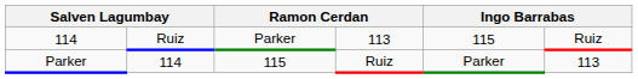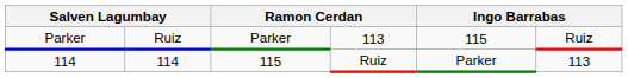 <table class="wikitable" style="text-align:center; font-size: 95%">
 <tr>
 <th colspan=2 style="width:20%">Salven Lagumbay</th>
 <th colspan=2 style="width:20%">Ramon Cerdan</th>
 <th colspan=2 style="width:20%">Ingo Barrabas</th>
 </tr>
 <tr>
-<td>114</td>
+<td style="border-bottom:3px solid blue;">Parker</td>
 <td style="border-bottom:3px solid blue;">Ruiz</td>
 <td style="border-bottom:3px solid green;">Parker</td>
 <td>113</td>
 <td>115</td>
 <td style="border-bottom:3px solid red;">Ruiz</td>
 </tr>
 <tr>
-<td style="border-bottom:3px solid blue;">Parker</td>
+<td>114</td>
 <td>114</td>
 <td>115</td>
 <td style="border-bottom:3px solid red;">Ruiz</td>
 <td style="border-bottom:3px solid green;">Parker</td>
 <td>113</td>
 </tr>
 </table>
